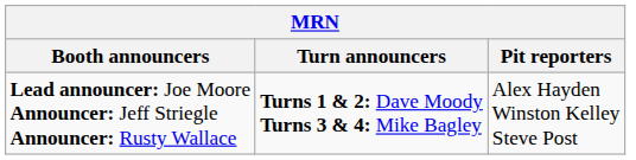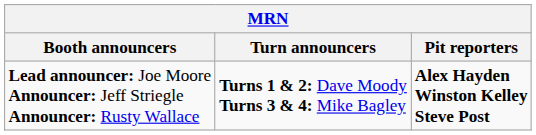 <table class="wikitable" style="font-size: 95%;">
 <tr>
 <th colspan="3"><a href='#'>MRN</a></th>
 </tr>
 <tr>
 <th>Booth announcers</th>
 <th>Turn announcers</th>
 <th>Pit reporters</th>
 </tr>
 <tr>
 <td><strong>Lead announcer:</strong> Joe Moore<br><strong>Announcer:</strong> Jeff Striegle<br><strong>Announcer:</strong> <a href='#'>Rusty Wallace</a></td>
 <td><strong>Turns 1 & 2:</strong> <a href='#'>Dave Moody</a><br><strong>Turns 3 & 4:</strong> <a href='#'>Mike Bagley</a></td>
-<td>Alex Hayden<br>Winston Kelley<br>Steve Post</td>
+<td><strong>Alex Hayden<br>Winston Kelley<br>Steve Post</strong></td>
 </tr>
 </table>
